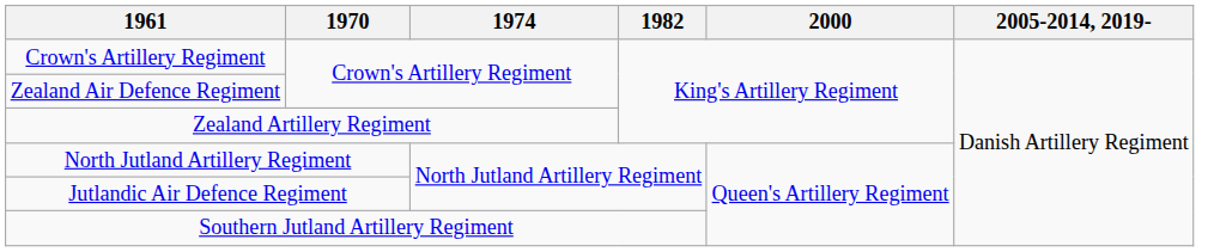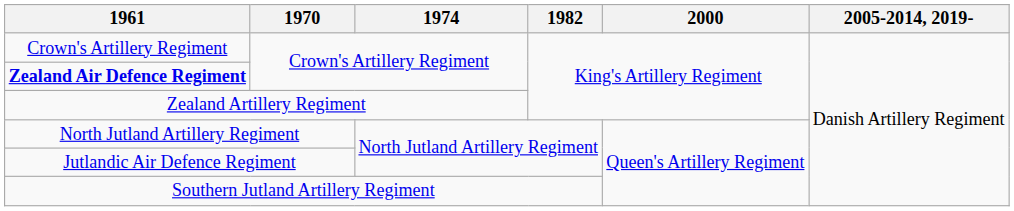 <table class="wikitable">
 <tr>
 <th>1961</th>
 <th>1970</th>
 <th>1974</th>
 <th>1982</th>
 <th>2000</th>
 <th>2005-2014, 2019-</th>
 </tr>
 <tr style="text-align: center;">
 <td> <a href='#'>Crown's Artillery Regiment</a></td>
 <td rowspan="2" colspan="2"> <a href='#'>Crown's Artillery Regiment</a></td>
 <td rowspan="3" colspan="2"> <a href='#'>King's Artillery Regiment</a></td>
 <td rowspan="6" colspan="1"> Danish Artillery Regiment</td>
 </tr>
 <tr style="text-align: center;">
-<td> <a href='#'>Zealand Air Defence Regiment</a></td>
+<td><strong> <a href='#'>Zealand Air Defence Regiment</a></strong></td>
 </tr>
 <tr style="text-align: center;">
 <td rowspan="1" colspan="3"> <a href='#'>Zealand Artillery Regiment</a></td>
 </tr>
 <tr style="text-align: center;">
 <td rowspan="1" colspan="2"> <a href='#'>North Jutland Artillery Regiment</a></td>
 <td rowspan="2" colspan="2"> <a href='#'>North Jutland Artillery Regiment</a></td>
 <td rowspan="3" colspan="1"> <a href='#'>Queen's Artillery Regiment</a></td>
 </tr>
 <tr style="text-align: center;">
 <td rowspan="1" colspan="2"> <a href='#'>Jutlandic Air Defence Regiment</a></td>
 </tr>
 <tr style="text-align: center;">
 <td rowspan="1" colspan="4"> <a href='#'>Southern Jutland Artillery Regiment</a></td>
 </tr>
 </table>
